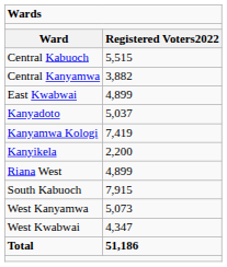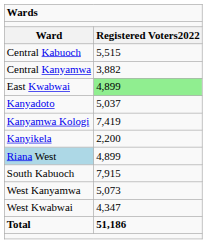 <table class="wikitable">
 <tr>
 <td colspan="2"><strong>Wards</strong></td>
 </tr>
 <tr>
 <td colspan="2"></td>
 </tr>
 <tr>
 <th>Ward</th>
 <th>Registered Voters2022</th>
 </tr>
 <tr>
 <td>Central <a href='#'>Kabuoch</a></td>
 <td>5,515</td>
 </tr>
 <tr>
 <td>Central <a href='#'>Kanyamwa</a></td>
 <td>3,882</td>
 </tr>
 <tr>
 <td>East <a href='#'>Kwabwai</a></td>
-<td>4,899</td>
+<td style="background: lightgreen;">4,899</td>
 </tr>
 <tr>
 <td><a href='#'>Kanyadoto</a></td>
 <td>5,037</td>
 </tr>
 <tr>
 <td><a href='#'>Kanyamwa Kologi</a></td>
 <td>7,419</td>
 </tr>
 <tr>
 <td><a href='#'>Kanyikela</a></td>
 <td>2,200</td>
 </tr>
 <tr>
-<td><a href='#'>Riana</a> West</td>
+<td style="background: lightblue;"><a href='#'>Riana</a> West</td>
 <td>4,899</td>
 </tr>
 <tr>
 <td>South Kabuoch</td>
 <td>7,915</td>
 </tr>
 <tr>
 <td>West Kanyamwa</td>
 <td>5,073</td>
 </tr>
 <tr>
 <td>West Kwabwai</td>
 <td>4,347</td>
 </tr>
 <tr>
 <td><strong>Total</strong></td>
 <td><strong>51,186</strong></td>
 </tr>
 <tr>
 <td colspan="2"></td>
 </tr>
 </table>
